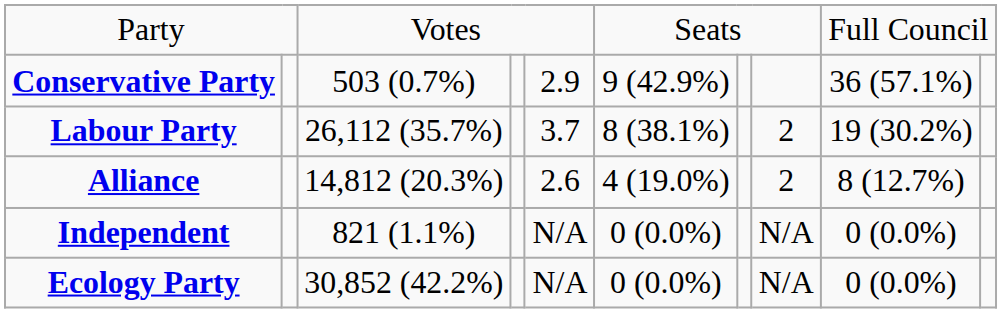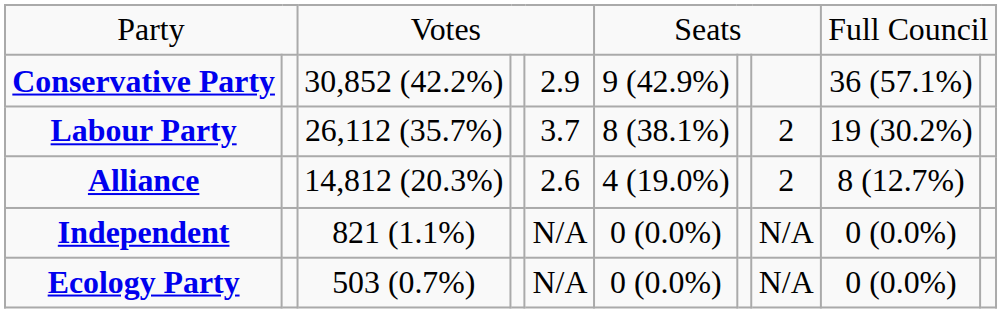 <table class=wikitable style="text-align:center;">
 <tr>
 <td colspan=2>Party</td>
 <td colspan=3>Votes</td>
 <td colspan=3>Seats</td>
 <td colspan=3>Full Council</td>
 </tr>
 <tr>
 <td><strong><a href='#'>Conservative Party</a></strong></td>
 <td style="background:"></td>
-<td>503 (0.7%)</td>
+<td>30,852 (42.2%)</td>
 <td></td>
 <td> 2.9</td>
 <td>9 (42.9%)</td>
 <td></td>
 <td></td>
 <td>36 (57.1%)</td>
 <td></td>
 </tr>
 <tr>
 <td><strong><a href='#'>Labour Party</a></strong></td>
 <td style="background:"></td>
 <td>26,112 (35.7%)</td>
 <td></td>
 <td> 3.7</td>
 <td>8 (38.1%)</td>
 <td></td>
 <td> 2</td>
 <td>19 (30.2%)</td>
 <td></td>
 </tr>
 <tr>
 <td><strong><a href='#'>Alliance</a></strong></td>
 <td style="background:"></td>
 <td>14,812 (20.3%)</td>
 <td></td>
 <td> 2.6</td>
 <td>4 (19.0%)</td>
 <td></td>
 <td> 2</td>
 <td>8 (12.7%)</td>
 <td></td>
 </tr>
 <tr>
 <td><strong><a href='#'>Independent</a></strong></td>
 <td style="background:"></td>
 <td>821 (1.1%)</td>
 <td></td>
 <td>N/A</td>
 <td>0 (0.0%)</td>
 <td></td>
 <td>N/A</td>
 <td>0 (0.0%)</td>
 <td></td>
 </tr>
 <tr>
 <td><strong><a href='#'>Ecology Party</a></strong></td>
 <td style="background:"></td>
-<td>30,852 (42.2%)</td>
+<td>503 (0.7%)</td>
 <td></td>
 <td>N/A</td>
 <td>0 (0.0%)</td>
 <td></td>
 <td>N/A</td>
 <td>0 (0.0%)</td>
 <td></td>
 </tr>
 </table>
